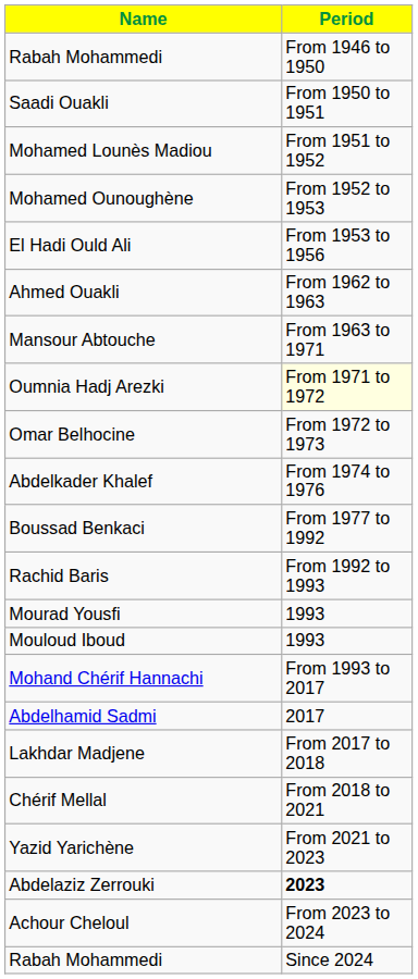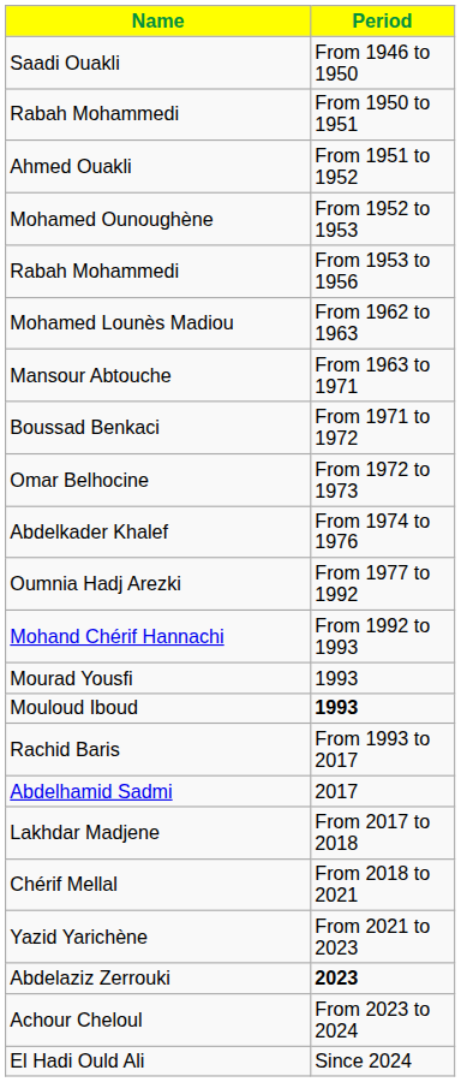 <table class="wikitable centre" style="font-size: 90%; text-align: left;">
 <tr>
 <th style="color:#009040; background:#FFFF00;" width="220">Name</th>
 <th style="color:#009040; background:#FFFF00;" width="100">Period</th>
 </tr>
 <tr>
-<td> Rabah Mohammedi</td>
+<td> Saadi Ouakli</td>
 <td>From 1946 to 1950</td>
 </tr>
 <tr>
-<td> Saadi Ouakli</td>
+<td> Rabah Mohammedi</td>
 <td>From 1950 to 1951</td>
 </tr>
 <tr>
-<td> Mohamed Lounès Madiou</td>
+<td> Ahmed Ouakli</td>
 <td>From 1951 to 1952</td>
 </tr>
 <tr>
 <td> Mohamed Ounoughène</td>
 <td>From 1952 to 1953</td>
 </tr>
 <tr>
-<td> El Hadi Ould Ali</td>
+<td> Rabah Mohammedi</td>
 <td>From 1953 to 1956</td>
 </tr>
 <tr>
-<td> Ahmed Ouakli</td>
+<td> Mohamed Lounès Madiou</td>
 <td>From 1962 to 1963</td>
 </tr>
 <tr>
 <td> Mansour Abtouche</td>
 <td>From 1963 to 1971</td>
 </tr>
 <tr>
-<td> Oumnia Hadj Arezki</td>
-<td style="background: lightyellow;">From 1971 to 1972</td>
+<td> Boussad Benkaci</td>
+<td>From 1971 to 1972</td>
 </tr>
 <tr>
 <td> Omar Belhocine</td>
 <td>From 1972 to 1973</td>
 </tr>
 <tr>
 <td> Abdelkader Khalef</td>
 <td>From 1974 to 1976</td>
 </tr>
 <tr>
-<td> Boussad Benkaci</td>
+<td> Oumnia Hadj Arezki</td>
 <td>From 1977 to 1992</td>
 </tr>
 <tr>
-<td> Rachid Baris</td>
+<td> <a href='#'>Mohand Chérif Hannachi</a></td>
 <td>From 1992 to 1993</td>
 </tr>
 <tr>
 <td> Mourad Yousfi</td>
 <td>1993</td>
 </tr>
 <tr>
 <td> Mouloud Iboud</td>
-<td>1993</td>
+<td><strong>1993</strong></td>
 </tr>
 <tr>
-<td> <a href='#'>Mohand Chérif Hannachi</a></td>
+<td> Rachid Baris</td>
 <td>From 1993 to 2017</td>
 </tr>
 <tr>
 <td> <a href='#'>Abdelhamid Sadmi</a></td>
 <td>2017</td>
 </tr>
 <tr>
 <td> Lakhdar Madjene</td>
 <td>From 2017 to 2018</td>
 </tr>
 <tr>
 <td> Chérif Mellal</td>
 <td>From 2018 to 2021</td>
 </tr>
 <tr>
 <td> Yazid Yarichène</td>
 <td>From 2021 to 2023</td>
 </tr>
 <tr>
 <td> Abdelaziz Zerrouki</td>
 <td><strong>2023</strong></td>
 </tr>
 <tr>
 <td> Achour Cheloul</td>
 <td>From 2023 to 2024</td>
 </tr>
 <tr>
-<td> Rabah Mohammedi</td>
+<td> El Hadi Ould Ali</td>
 <td>Since 2024</td>
 </tr>
 </table>
